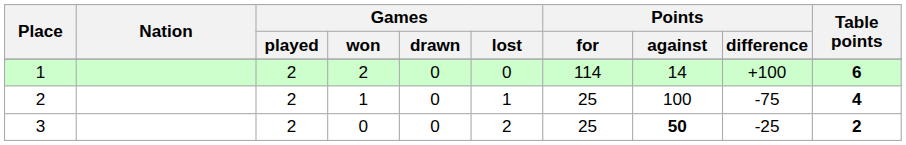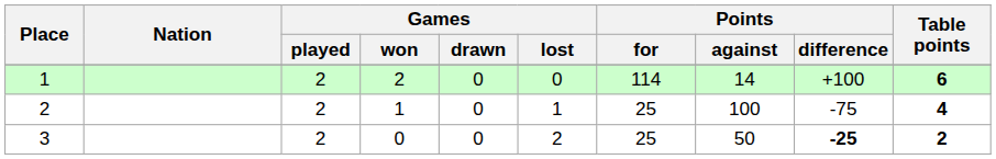 <table class="wikitable">
 <tr>
 <th rowspan=2 width="8%">Place</th>
 <th rowspan=2 width="20%">Nation</th>
 <th colspan=4 width="32%">Games</th>
 <th colspan=3 width="30%">Points</th>
 <th rowspan=2 width="10%">Table<br>points</th>
 </tr>
 <tr>
 <th width="8%">played</th>
 <th width="8%">won</th>
 <th width="8%">drawn</th>
 <th width="8%">lost</th>
 <th width="10%">for</th>
 <th width="10%">against</th>
 <th width="10%">difference</th>
 </tr>
 <tr>
 </tr>
 <tr bgcolor=#ccffcc align=center>
 <td>1</td>
 <td align=left></td>
 <td>2</td>
 <td>2</td>
 <td>0</td>
 <td>0</td>
 <td>114</td>
 <td>14</td>
 <td>+100</td>
 <td><strong>6</strong></td>
 </tr>
 <tr bgcolor=#ffffff align=center>
 <td>2</td>
 <td align=left></td>
 <td>2</td>
 <td>1</td>
 <td>0</td>
 <td>1</td>
 <td>25</td>
 <td>100</td>
 <td>-75</td>
 <td><strong>4</strong></td>
 </tr>
 <tr bgcolor=#ffffff align=center>
 <td>3</td>
 <td align=left></td>
 <td>2</td>
 <td>0</td>
 <td>0</td>
 <td>2</td>
 <td>25</td>
-<td><strong>50</strong></td>
-<td>-25</td>
+<td>50</td>
+<td><strong>-25</strong></td>
 <td><strong>2</strong></td>
 </tr>
 </table>
